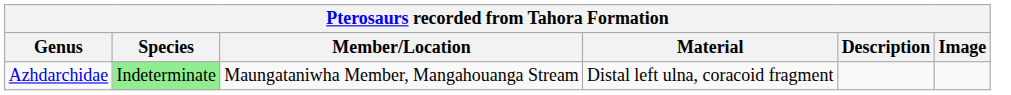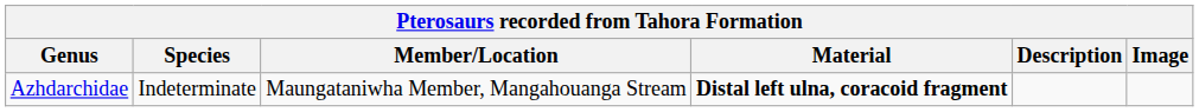 <table class="wikitable" align="center">
 <tr>
 <th colspan="6" align="center"><strong><a href='#'>Pterosaurs</a></strong> recorded from Tahora Formation</th>
 </tr>
 <tr>
 <th>Genus</th>
 <th>Species</th>
 <th>Member/Location</th>
 <th>Material</th>
 <th>Description</th>
 <th>Image</th>
 </tr>
 <tr>
 <td><a href='#'>Azhdarchidae</a></td>
-<td style="background: lightgreen;">Indeterminate</td>
+<td>Indeterminate</td>
 <td>Maungataniwha Member, Mangahouanga Stream</td>
-<td>Distal left ulna, coracoid fragment</td>
+<td><strong>Distal left ulna, coracoid fragment</strong></td>
 <td></td>
 <td></td>
 </tr>
 </table>
